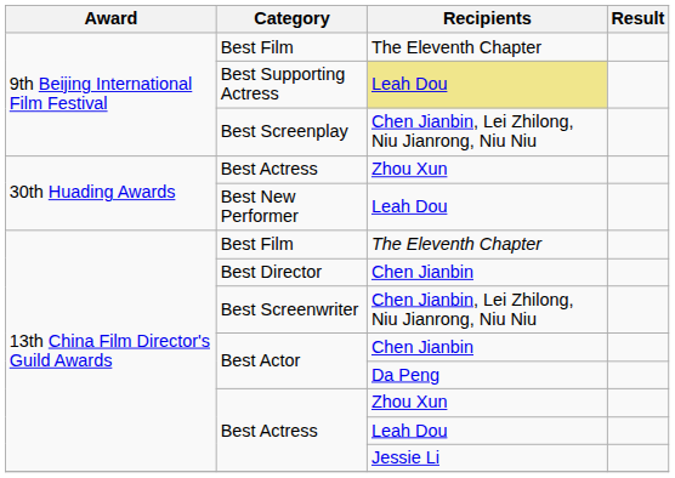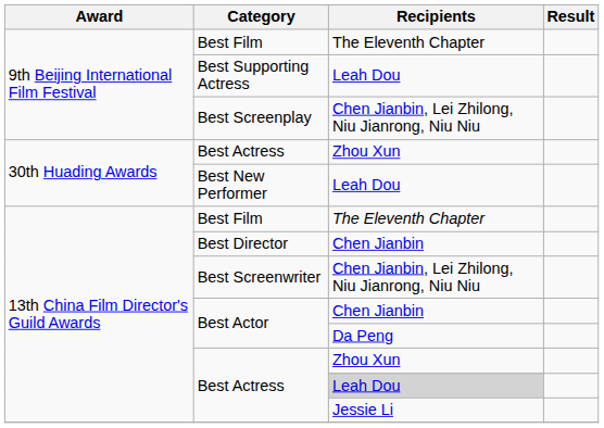 <table class="wikitable">
 <tr>
 <th>Award</th>
 <th>Category</th>
 <th>Recipients</th>
 <th>Result</th>
 </tr>
 <tr>
 <td rowspan=3>9th <a href='#'>Beijing International Film Festival</a></td>
 <td>Best Film</td>
 <td>The Eleventh Chapter</td>
 <td></td>
 </tr>
 <tr>
 <td>Best Supporting Actress</td>
-<td style="background: khaki;"><a href='#'>Leah Dou</a></td>
+<td><a href='#'>Leah Dou</a></td>
 <td></td>
 </tr>
 <tr>
 <td>Best Screenplay</td>
 <td><a href='#'>Chen Jianbin</a>, Lei Zhilong, Niu Jianrong, Niu Niu</td>
 <td></td>
 </tr>
 <tr>
 <td rowspan=2>30th <a href='#'>Huading Awards</a></td>
 <td>Best Actress</td>
 <td><a href='#'>Zhou Xun</a></td>
 <td></td>
 </tr>
 <tr>
 <td>Best New Performer</td>
 <td><a href='#'>Leah Dou</a></td>
 <td></td>
 </tr>
 <tr>
 <td rowspan=8>13th <a href='#'>China Film Director's Guild Awards</a></td>
 <td>Best Film</td>
 <td><em>The Eleventh Chapter</em></td>
 <td></td>
 </tr>
 <tr>
 <td>Best Director</td>
 <td><a href='#'>Chen Jianbin</a></td>
 <td></td>
 </tr>
 <tr>
 <td>Best Screenwriter</td>
 <td><a href='#'>Chen Jianbin</a>, Lei Zhilong, Niu Jianrong, Niu Niu</td>
 <td></td>
 </tr>
 <tr>
 <td rowspan=2>Best Actor</td>
 <td><a href='#'>Chen Jianbin</a></td>
 <td></td>
 </tr>
 <tr>
 <td><a href='#'>Da Peng</a></td>
 <td></td>
 </tr>
 <tr>
 <td rowspan=3>Best Actress</td>
 <td><a href='#'>Zhou Xun</a></td>
 <td></td>
 </tr>
 <tr>
-<td><a href='#'>Leah Dou</a></td>
+<td style="background: lightgrey;"><a href='#'>Leah Dou</a></td>
 <td></td>
 </tr>
 <tr>
 <td><a href='#'>Jessie Li</a></td>
 <td></td>
 </tr>
 <tr>
 </tr>
 </table>
